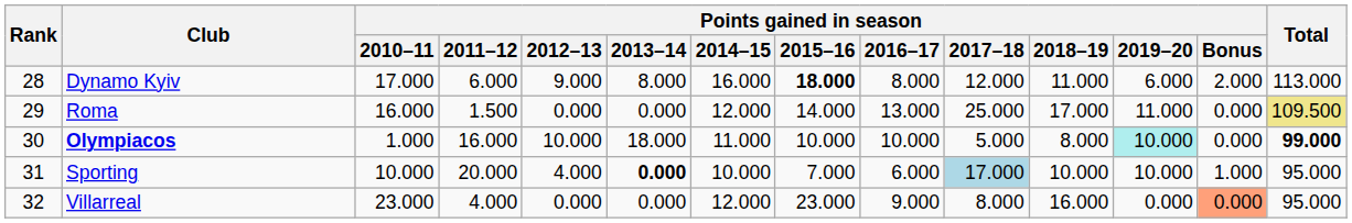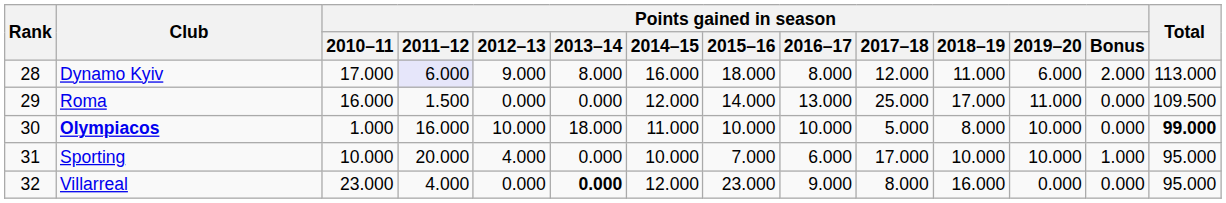 <table class="wikitable sortable" style=" font-size:85%">
 <tr>
 <th scope="col" rowspan=2>Rank</th>
 <th scope="col" rowspan=2 width=200>Club</th>
 <th scope="col" colspan=11>Points gained in season</th>
 <th scope="col" rowspan=2>Total</th>
 </tr>
 <tr>
 <th>2010–11</th>
 <th>2011–12</th>
 <th>2012–13</th>
 <th>2013–14</th>
 <th>2014–15</th>
 <th>2015–16</th>
 <th>2016–17</th>
 <th>2017–18</th>
 <th>2018–19</th>
 <th>2019–20</th>
 <th>Bonus</th>
 </tr>
 <tr align=right>
 <td scope="row" style="text-align:center;">28</td>
 <td align=left> <a href='#'>Dynamo Kyiv</a></td>
 <td>17.000</td>
-<td>6.000</td>
+<td style="background: lavender;">6.000</td>
 <td>9.000</td>
 <td>8.000</td>
 <td>16.000</td>
-<td><strong>18.000</strong></td>
+<td>18.000</td>
 <td>8.000</td>
 <td>12.000</td>
 <td>11.000</td>
 <td>6.000</td>
 <td>2.000</td>
 <td>113.000</td>
 </tr>
 <tr align=right>
 <td scope="row" style="text-align:center;">29</td>
 <td align=left> <a href='#'>Roma</a></td>
 <td>16.000</td>
 <td>1.500</td>
 <td>0.000</td>
 <td>0.000</td>
 <td>12.000</td>
 <td>14.000</td>
 <td>13.000</td>
 <td>25.000</td>
 <td>17.000</td>
 <td>11.000</td>
 <td>0.000</td>
-<td style="background: khaki;">109.500</td>
+<td>109.500</td>
 </tr>
 <tr align=right>
 <td scope="row" style="text-align:center;">30</td>
 <td align=left> <strong><a href='#'>Olympiacos</a></strong></td>
 <td>1.000</td>
 <td>16.000</td>
 <td>10.000</td>
 <td>18.000</td>
 <td>11.000</td>
 <td>10.000</td>
 <td>10.000</td>
 <td>5.000</td>
 <td>8.000</td>
-<td style="background: paleturquoise;">10.000</td>
+<td>10.000</td>
 <td>0.000</td>
 <td><strong>99.000</strong></td>
 </tr>
 <tr align=right>
 <td scope="row" style="text-align:center;">31</td>
 <td align=left> <a href='#'>Sporting</a></td>
 <td>10.000</td>
 <td>20.000</td>
 <td>4.000</td>
-<td><strong>0.000</strong></td>
+<td>0.000</td>
 <td>10.000</td>
 <td>7.000</td>
 <td>6.000</td>
-<td style="background: lightblue;">17.000</td>
+<td>17.000</td>
 <td>10.000</td>
 <td>10.000</td>
 <td>1.000</td>
 <td>95.000</td>
 </tr>
 <tr align=right>
 <td scope="row" style="text-align:center;">32</td>
 <td align=left> <a href='#'>Villarreal</a></td>
 <td>23.000</td>
 <td>4.000</td>
 <td>0.000</td>
-<td>0.000</td>
+<td><strong>0.000</strong></td>
 <td>12.000</td>
 <td>23.000</td>
 <td>9.000</td>
 <td>8.000</td>
 <td>16.000</td>
 <td>0.000</td>
-<td style="background: lightsalmon;">0.000</td>
+<td>0.000</td>
 <td>95.000</td>
 </tr>
 </table>
